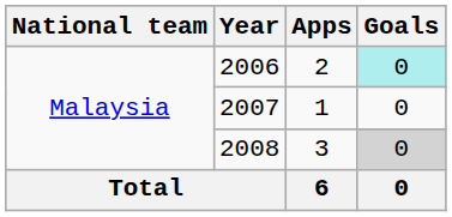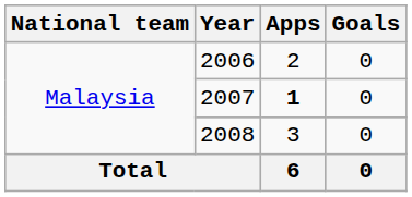 <table class=wikitable style="text-align: center;">
 <tr>
 <th>National team</th>
 <th>Year</th>
 <th>Apps</th>
 <th>Goals</th>
 </tr>
 <tr>
 <td rowspan=3><a href='#'>Malaysia</a></td>
 <td>2006</td>
 <td>2</td>
-<td style="background: paleturquoise;">0</td>
+<td>0</td>
 </tr>
 <tr>
 <td>2007</td>
-<td>1</td>
+<td><strong>1</strong></td>
 <td>0</td>
 </tr>
 <tr>
 <td>2008</td>
 <td>3</td>
-<td style="background: lightgrey;">0</td>
+<td>0</td>
 </tr>
 <tr>
 <th colspan=2>Total</th>
 <th>6</th>
 <th>0</th>
 </tr>
 </table>
